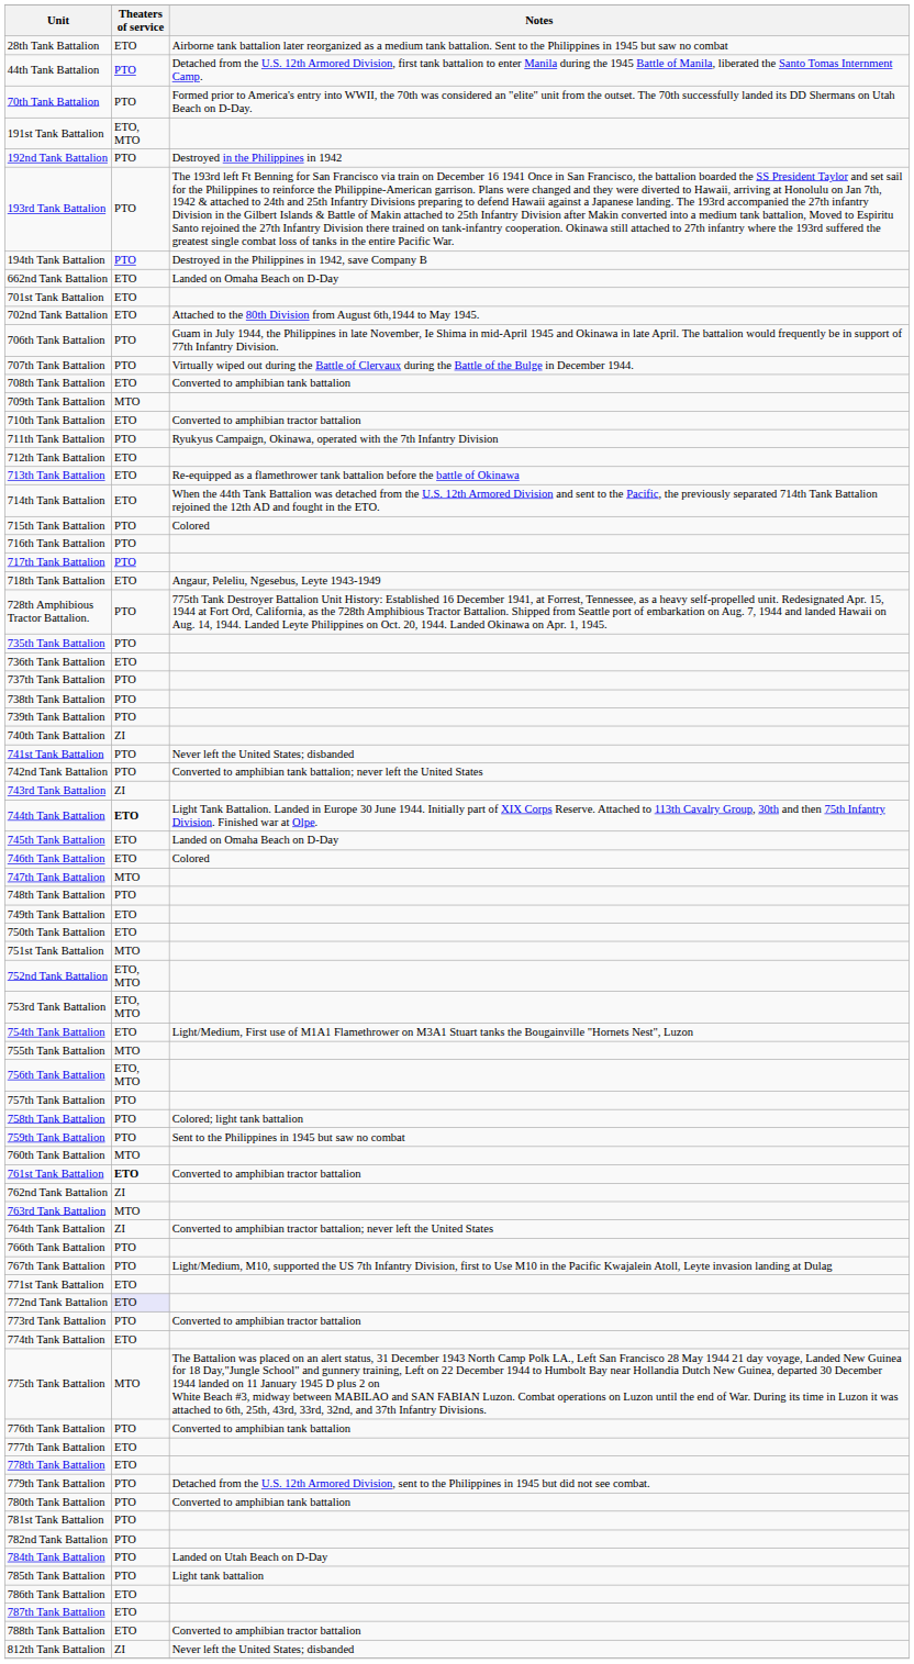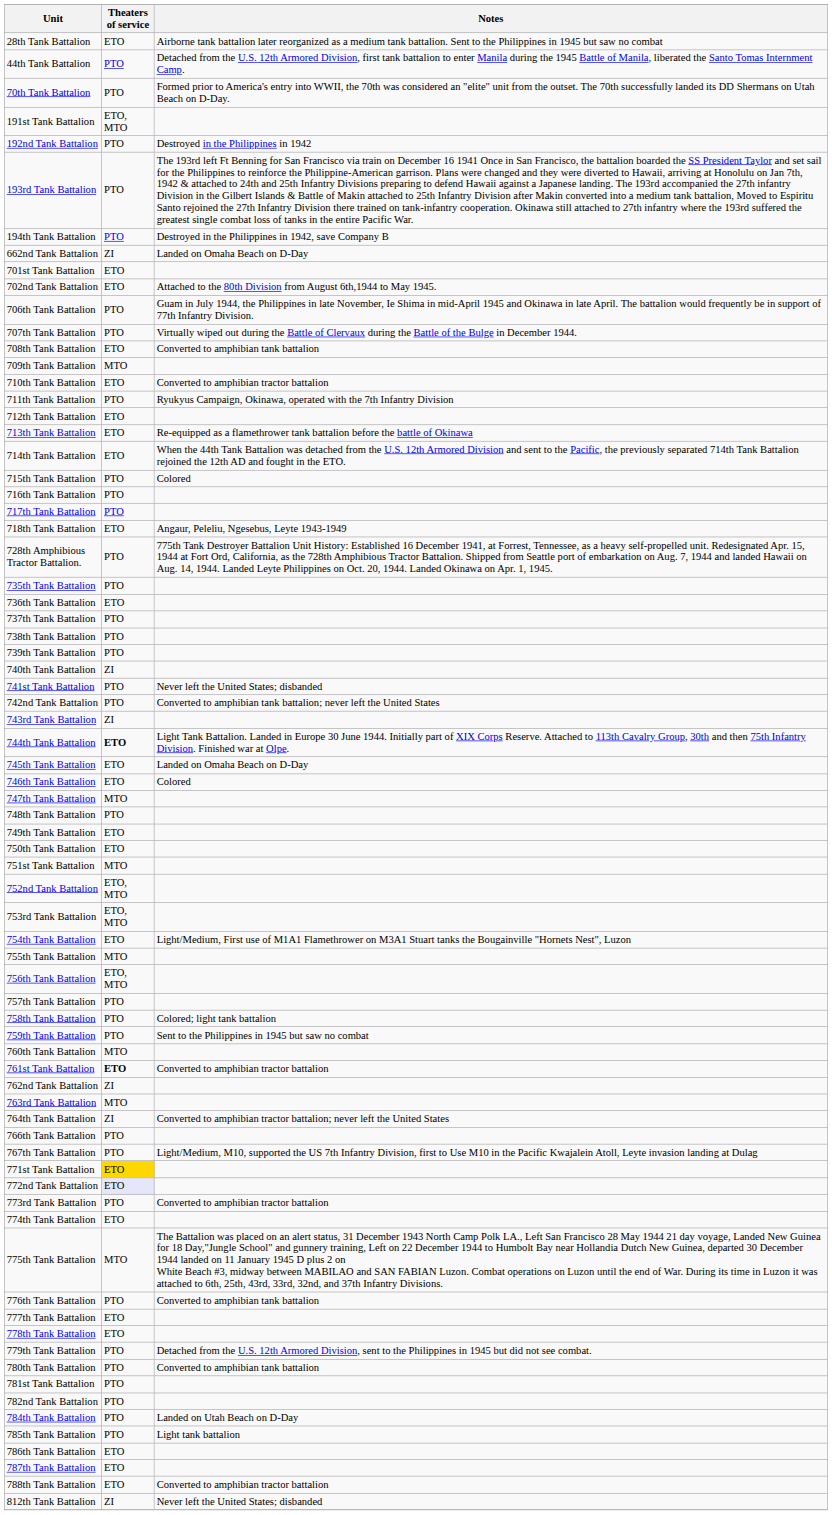 <table class="wikitable sortable">
 <tr>
 </tr>
 <tr>
 <th style="width:140px;">Unit</th>
 <th>Theaters of service</th>
 <th>Notes</th>
 </tr>
 <tr>
 <td>28th Tank Battalion</td>
 <td>ETO</td>
 <td>Airborne tank battalion later reorganized as a medium tank battalion. Sent to the Philippines in 1945 but saw no combat</td>
 </tr>
 <tr>
 <td>44th Tank Battalion</td>
 <td><a href='#'>PTO</a></td>
 <td>Detached from the <a href='#'> U.S. 12th Armored Division</a>, first tank battalion to enter <a href='#'>Manila</a> during the 1945 <a href='#'>Battle of Manila</a>, liberated the <a href='#'>Santo Tomas Internment Camp</a>.</td>
 </tr>
 <tr>
 <td><a href='#'>70th Tank Battalion</a></td>
 <td>PTO</td>
 <td>Formed prior to America's entry into WWII, the 70th was considered an "elite" unit from the outset. The 70th successfully landed its DD Shermans on Utah Beach on D-Day.</td>
 </tr>
 <tr>
 <td>191st Tank Battalion</td>
 <td>ETO, MTO</td>
 <td></td>
 </tr>
 <tr>
 <td><a href='#'>192nd Tank Battalion</a></td>
 <td>PTO</td>
 <td>Destroyed <a href='#'>in the Philippines</a> in 1942</td>
 </tr>
 <tr>
 <td><a href='#'>193rd Tank Battalion</a></td>
 <td>PTO</td>
 <td>The 193rd left Ft Benning for San Francisco via train on December 16 1941 Once in San Francisco, the battalion boarded the <a href='#'>SS President Taylor</a> and set sail for the Philippines to reinforce the Philippine-American garrison. Plans were changed and they were diverted to Hawaii, arriving at Honolulu on Jan 7th, 1942 & attached to 24th and 25th Infantry Divisions preparing to defend Hawaii against a Japanese landing. The 193rd accompanied the 27th infantry Division in the Gilbert Islands & Battle of Makin attached to 25th Infantry Division after Makin converted into a medium tank battalion, Moved to Espiritu Santo rejoined the 27th Infantry Division there trained on tank-infantry cooperation. Okinawa still attached to 27th infantry where the 193rd suffered the greatest single combat loss of tanks in the entire Pacific War.</td>
 </tr>
 <tr>
 <td>194th Tank Battalion</td>
 <td><a href='#'>PTO</a></td>
 <td>Destroyed in the Philippines in 1942, save Company B</td>
 </tr>
 <tr>
 <td>662nd Tank Battalion</td>
-<td>ETO</td>
+<td>ZI</td>
 <td>Landed on Omaha Beach on D-Day</td>
 </tr>
 <tr>
 <td>701st Tank Battalion</td>
 <td>ETO</td>
 <td></td>
 </tr>
 <tr>
 <td>702nd Tank Battalion</td>
 <td>ETO</td>
 <td>Attached to the <a href='#'>80th Division</a> from August 6th,1944 to May 1945.</td>
 </tr>
 <tr>
 <td>706th Tank Battalion</td>
 <td>PTO</td>
 <td>Guam in July 1944, the Philippines in late November, Ie Shima in mid-April 1945 and Okinawa in late April. The battalion would frequently be in support of 77th Infantry Division.</td>
 </tr>
 <tr>
 <td>707th Tank Battalion</td>
 <td>PTO</td>
 <td>Virtually wiped out during the <a href='#'>Battle of Clervaux</a> during the <a href='#'>Battle of the Bulge</a> in December 1944.</td>
 </tr>
 <tr>
 <td>708th Tank Battalion</td>
 <td>ETO</td>
 <td>Converted to amphibian tank battalion</td>
 </tr>
 <tr>
 <td>709th Tank Battalion</td>
 <td>MTO</td>
 <td></td>
 </tr>
 <tr>
 <td>710th Tank Battalion</td>
 <td>ETO</td>
 <td>Converted to amphibian tractor battalion</td>
 </tr>
 <tr>
 <td>711th Tank Battalion</td>
 <td>PTO</td>
 <td>Ryukyus Campaign, Okinawa, operated with the 7th Infantry Division</td>
 </tr>
 <tr>
 <td>712th Tank Battalion</td>
 <td>ETO</td>
 <td></td>
 </tr>
 <tr>
 <td><a href='#'>713th Tank Battalion</a></td>
 <td>ETO</td>
 <td>Re-equipped as a flamethrower tank battalion before the <a href='#'>battle of Okinawa</a></td>
 </tr>
 <tr>
 <td>714th Tank Battalion</td>
 <td>ETO</td>
 <td>When the 44th Tank Battalion was detached from the <a href='#'>U.S. 12th Armored Division</a> and sent to the <a href='#'>Pacific</a>, the previously separated 714th Tank Battalion rejoined the 12th AD and fought in the ETO.</td>
 </tr>
 <tr>
 <td>715th Tank Battalion</td>
 <td>PTO</td>
 <td>Colored</td>
 </tr>
 <tr>
 <td>716th Tank Battalion</td>
 <td>PTO</td>
 <td></td>
 </tr>
 <tr>
 <td><a href='#'>717th Tank Battalion</a></td>
 <td><a href='#'>PTO</a></td>
 <td></td>
 </tr>
 <tr>
 <td>718th Tank Battalion</td>
 <td>ETO</td>
 <td>Angaur, Peleliu, Ngesebus, Leyte 1943-1949</td>
 </tr>
 <tr>
 <td>728th Amphibious Tractor Battalion.</td>
 <td>PTO</td>
 <td>775th Tank Destroyer Battalion Unit History:  Established 16 December 1941, at Forrest, Tennessee, as a heavy self-propelled unit. Redesignated Apr. 15, 1944 at Fort Ord, California, as the 728th Amphibious Tractor Battalion. Shipped from Seattle port of embarkation on Aug. 7, 1944 and landed Hawaii on Aug. 14, 1944.  Landed Leyte Philippines on Oct. 20, 1944. Landed Okinawa on Apr. 1, 1945.</td>
 </tr>
 <tr>
 <td><a href='#'>735th Tank Battalion</a></td>
 <td>PTO</td>
 <td></td>
 </tr>
 <tr>
 <td>736th Tank Battalion</td>
 <td>ETO</td>
 <td></td>
 </tr>
 <tr>
 <td>737th Tank Battalion</td>
 <td>PTO</td>
 <td></td>
 </tr>
 <tr>
 <td>738th Tank Battalion</td>
 <td>PTO</td>
 <td></td>
 </tr>
 <tr>
 <td>739th Tank Battalion</td>
 <td>PTO</td>
 <td></td>
 </tr>
 <tr>
 <td>740th Tank Battalion</td>
 <td>ZI</td>
 <td></td>
 </tr>
 <tr>
 <td><a href='#'>741st Tank Battalion</a></td>
 <td>PTO</td>
 <td>Never left the United States; disbanded</td>
 </tr>
 <tr>
 <td>742nd Tank Battalion</td>
 <td>PTO</td>
 <td>Converted to amphibian tank battalion; never left the United States</td>
 </tr>
 <tr>
 <td><a href='#'>743rd Tank Battalion</a></td>
 <td>ZI</td>
 <td></td>
 </tr>
 <tr>
 <td><a href='#'>744th Tank Battalion</a></td>
 <td><strong>ETO</strong></td>
 <td>Light Tank Battalion. Landed in Europe 30 June 1944. Initially part of <a href='#'>XIX Corps</a> Reserve. Attached to <a href='#'>113th Cavalry Group</a>, <a href='#'>30th</a> and then <a href='#'>75th Infantry Division</a>. Finished war at <a href='#'>Olpe</a>.</td>
 </tr>
 <tr>
 <td><a href='#'>745th Tank Battalion</a></td>
 <td>ETO</td>
 <td>Landed on Omaha Beach on D-Day</td>
 </tr>
 <tr>
 <td><a href='#'>746th Tank Battalion</a></td>
 <td>ETO</td>
 <td>Colored</td>
 </tr>
 <tr>
 <td><a href='#'>747th Tank Battalion</a></td>
 <td>MTO</td>
 <td></td>
 </tr>
 <tr>
 <td>748th Tank Battalion</td>
 <td>PTO</td>
 <td></td>
 </tr>
 <tr>
 <td>749th Tank Battalion</td>
 <td>ETO</td>
 <td></td>
 </tr>
 <tr>
 <td>750th Tank Battalion</td>
 <td>ETO</td>
 <td></td>
 </tr>
 <tr>
 <td>751st Tank Battalion</td>
 <td>MTO</td>
 <td></td>
 </tr>
 <tr>
 <td><a href='#'>752nd Tank Battalion</a></td>
 <td>ETO, MTO</td>
 <td></td>
 </tr>
 <tr>
 <td>753rd Tank Battalion</td>
 <td>ETO, MTO</td>
 <td></td>
 </tr>
 <tr>
 <td><a href='#'>754th Tank Battalion</a></td>
 <td>ETO</td>
 <td>Light/Medium, First use of M1A1 Flamethrower on M3A1 Stuart tanks the Bougainville "Hornets Nest", Luzon</td>
 </tr>
 <tr>
 <td>755th Tank Battalion</td>
 <td>MTO</td>
 <td></td>
 </tr>
 <tr>
 <td><a href='#'>756th Tank Battalion</a></td>
 <td>ETO, MTO</td>
 <td></td>
 </tr>
 <tr>
 <td>757th Tank Battalion</td>
 <td>PTO</td>
 <td></td>
 </tr>
 <tr>
 <td><a href='#'>758th Tank Battalion</a></td>
 <td>PTO</td>
 <td>Colored; light tank battalion</td>
 </tr>
 <tr>
 <td><a href='#'>759th Tank Battalion</a></td>
 <td>PTO</td>
 <td>Sent to the Philippines in 1945 but saw no combat</td>
 </tr>
 <tr>
 <td>760th Tank Battalion</td>
 <td>MTO</td>
 <td></td>
 </tr>
 <tr>
 <td><a href='#'>761st Tank Battalion</a></td>
 <td><strong>ETO</strong></td>
 <td>Converted to amphibian tractor battalion</td>
 </tr>
 <tr>
 <td>762nd Tank Battalion</td>
 <td>ZI</td>
 <td></td>
 </tr>
 <tr>
 <td><a href='#'>763rd Tank Battalion</a></td>
 <td>MTO</td>
 <td></td>
 </tr>
 <tr>
 <td>764th Tank Battalion</td>
 <td>ZI</td>
 <td>Converted to amphibian tractor battalion; never left the United States</td>
 </tr>
 <tr>
 <td>766th Tank Battalion</td>
 <td>PTO</td>
 <td></td>
 </tr>
 <tr>
 <td>767th Tank Battalion</td>
 <td>PTO</td>
 <td>Light/Medium, M10, supported the US 7th Infantry Division, first to Use M10 in the Pacific Kwajalein Atoll, Leyte invasion landing at Dulag</td>
 </tr>
 <tr>
 <td>771st Tank Battalion</td>
-<td>ETO</td>
+<td style="background: gold;">ETO</td>
 <td></td>
 </tr>
 <tr>
 <td>772nd Tank Battalion</td>
 <td style="background: lavender;">ETO</td>
 <td></td>
 </tr>
 <tr>
 <td>773rd Tank Battalion</td>
 <td>PTO</td>
 <td>Converted to amphibian tractor battalion</td>
 </tr>
 <tr>
 <td>774th Tank Battalion</td>
 <td>ETO</td>
 <td></td>
 </tr>
 <tr>
 <td>775th Tank Battalion</td>
 <td>MTO</td>
 <td>The Battalion was placed on an alert status, 31 December 1943 North Camp Polk LA., Left San Francisco 28 May 1944 21 day voyage, Landed New Guinea for 18 Day,"Jungle School" and gunnery training, Left on 22 December 1944 to Humbolt Bay near Hollandia Dutch New Guinea, departed 30 December 1944 landed on 11 January 1945 D plus 2 on<br>White Beach #3, midway between MABILAO and SAN FABIAN Luzon. Combat operations on Luzon until the end of War. During its time in Luzon it was attached to 6th, 25th, 43rd, 33rd, 32nd, and 37th Infantry Divisions.</td>
 </tr>
 <tr>
 <td>776th Tank Battalion</td>
 <td>PTO</td>
 <td>Converted to amphibian tank battalion</td>
 </tr>
 <tr>
 <td>777th Tank Battalion</td>
 <td>ETO</td>
 <td></td>
 </tr>
 <tr>
 <td><a href='#'>778th Tank Battalion</a></td>
 <td>ETO</td>
 <td></td>
 </tr>
 <tr>
 <td>779th Tank Battalion</td>
 <td>PTO</td>
 <td>Detached from the <a href='#'> U.S. 12th Armored Division</a>, sent to the Philippines in 1945 but did not see combat.</td>
 </tr>
 <tr>
 <td>780th Tank Battalion</td>
 <td>PTO</td>
 <td>Converted to amphibian tank battalion</td>
 </tr>
 <tr>
 <td>781st Tank Battalion</td>
 <td>PTO</td>
 <td></td>
 </tr>
 <tr>
 <td>782nd Tank Battalion</td>
 <td>PTO</td>
 <td></td>
 </tr>
 <tr>
 <td><a href='#'>784th Tank Battalion</a></td>
 <td>PTO</td>
 <td>Landed on Utah Beach on D-Day</td>
 </tr>
 <tr>
 <td>785th Tank Battalion</td>
 <td>PTO</td>
 <td>Light tank battalion</td>
 </tr>
 <tr>
 <td>786th Tank Battalion</td>
 <td>ETO</td>
 <td></td>
 </tr>
 <tr>
 <td><a href='#'>787th Tank Battalion</a></td>
 <td>ETO</td>
 <td></td>
 </tr>
 <tr>
 <td>788th Tank Battalion</td>
 <td>ETO</td>
 <td>Converted to amphibian tractor battalion</td>
 </tr>
 <tr>
 <td>812th Tank Battalion</td>
 <td>ZI</td>
 <td>Never left the United States; disbanded</td>
 </tr>
 <tr>
 </tr>
 </table>
